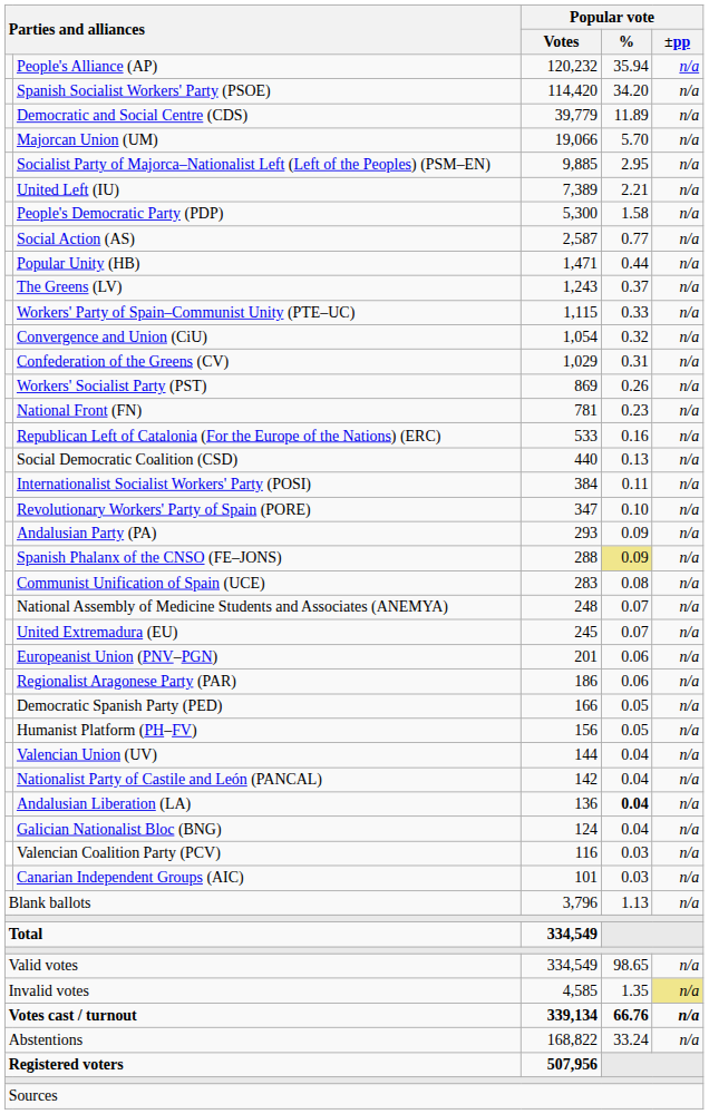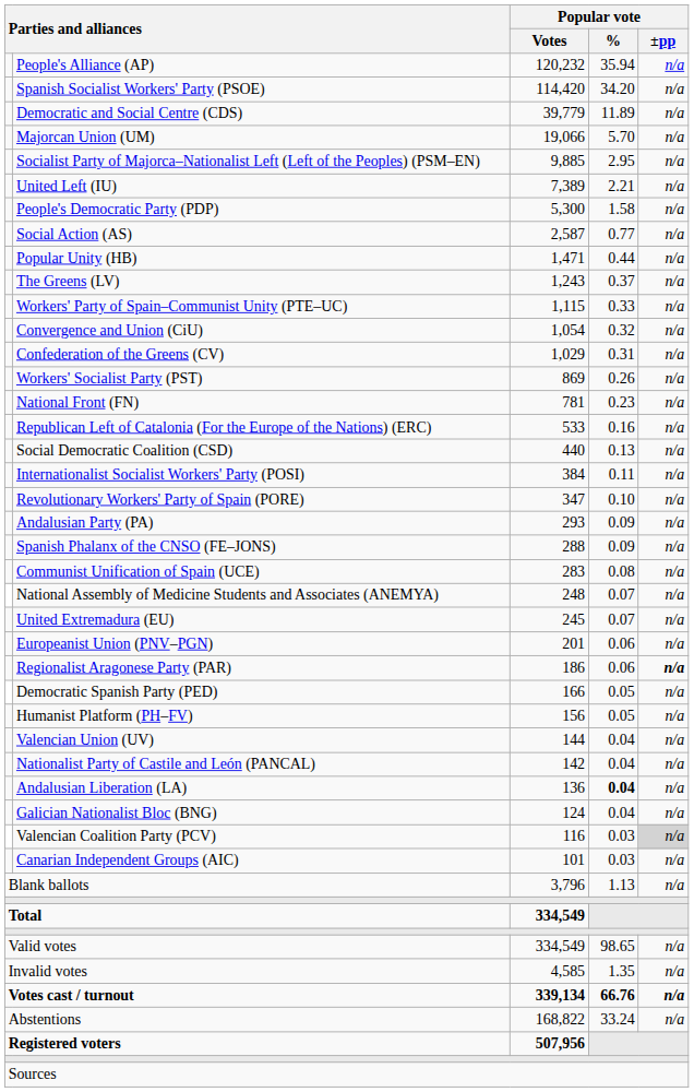 <table class="wikitable" style="text-align:right">
 <tr>
 <th style="text-align:left;" rowspan="2" colspan="2" width="525">Parties and alliances</th>
 <th colspan="3">Popular vote</th>
 </tr>
 <tr>
 <th width="75">Votes</th>
 <th width="45">%</th>
 <th width="45">±<a href='#'>pp</a></th>
 </tr>
 <tr>
 <td width="1" style="color:inherit;background:"></td>
 <td align="left"><a href='#'>People's Alliance</a> (AP)</td>
 <td>120,232</td>
 <td>35.94</td>
 <td><em><a href='#'>n/a</a></em></td>
 </tr>
 <tr>
 <td style="color:inherit;background:"></td>
 <td align="left"><a href='#'>Spanish Socialist Workers' Party</a> (PSOE)</td>
 <td>114,420</td>
 <td>34.20</td>
 <td><em>n/a</em></td>
 </tr>
 <tr>
 <td style="color:inherit;background:"></td>
 <td align="left"><a href='#'>Democratic and Social Centre</a> (CDS)</td>
 <td>39,779</td>
 <td>11.89</td>
 <td><em>n/a</em></td>
 </tr>
 <tr>
 <td style="color:inherit;background:"></td>
 <td align="left"><a href='#'>Majorcan Union</a> (UM)</td>
 <td>19,066</td>
 <td>5.70</td>
 <td><em>n/a</em></td>
 </tr>
 <tr>
 <td style="color:inherit;background:"></td>
 <td align="left"><a href='#'>Socialist Party of Majorca–Nationalist Left</a> (<a href='#'>Left of the Peoples</a>) (PSM–EN)</td>
 <td>9,885</td>
 <td>2.95</td>
 <td><em>n/a</em></td>
 </tr>
 <tr>
 <td style="color:inherit;background:"></td>
 <td align="left"><a href='#'>United Left</a> (IU)</td>
 <td>7,389</td>
 <td>2.21</td>
 <td><em>n/a</em></td>
 </tr>
 <tr>
 <td style="color:inherit;background:"></td>
 <td align="left"><a href='#'>People's Democratic Party</a> (PDP)</td>
 <td>5,300</td>
 <td>1.58</td>
 <td><em>n/a</em></td>
 </tr>
 <tr>
 <td style="color:inherit;background:"></td>
 <td align="left"><a href='#'>Social Action</a> (AS)</td>
 <td>2,587</td>
 <td>0.77</td>
 <td><em>n/a</em></td>
 </tr>
 <tr>
 <td style="color:inherit;background:"></td>
 <td align="left"><a href='#'>Popular Unity</a> (HB)</td>
 <td>1,471</td>
 <td>0.44</td>
 <td><em>n/a</em></td>
 </tr>
 <tr>
 <td style="color:inherit;background:"></td>
 <td align="left"><a href='#'>The Greens</a> (LV)</td>
 <td>1,243</td>
 <td>0.37</td>
 <td><em>n/a</em></td>
 </tr>
 <tr>
 <td style="color:inherit;background:"></td>
 <td align="left"><a href='#'>Workers' Party of Spain–Communist Unity</a> (PTE–UC)</td>
 <td>1,115</td>
 <td>0.33</td>
 <td><em>n/a</em></td>
 </tr>
 <tr>
 <td style="color:inherit;background:"></td>
 <td align="left"><a href='#'>Convergence and Union</a> (CiU)</td>
 <td>1,054</td>
 <td>0.32</td>
 <td><em>n/a</em></td>
 </tr>
 <tr>
 <td style="color:inherit;background:"></td>
 <td align="left"><a href='#'>Confederation of the Greens</a> (CV)</td>
 <td>1,029</td>
 <td>0.31</td>
 <td><em>n/a</em></td>
 </tr>
 <tr>
 <td style="color:inherit;background:"></td>
 <td align="left"><a href='#'>Workers' Socialist Party</a> (PST)</td>
 <td>869</td>
 <td>0.26</td>
 <td><em>n/a</em></td>
 </tr>
 <tr>
 <td style="color:inherit;background:"></td>
 <td align="left"><a href='#'>National Front</a> (FN)</td>
 <td>781</td>
 <td>0.23</td>
 <td><em>n/a</em></td>
 </tr>
 <tr>
 <td style="color:inherit;background:"></td>
 <td align="left"><a href='#'>Republican Left of Catalonia</a> (<a href='#'>For the Europe of the Nations</a>) (ERC)</td>
 <td>533</td>
 <td>0.16</td>
 <td><em>n/a</em></td>
 </tr>
 <tr>
 <td style="color:inherit;background:"></td>
 <td align="left">Social Democratic Coalition (CSD)</td>
 <td>440</td>
 <td>0.13</td>
 <td><em>n/a</em></td>
 </tr>
 <tr>
 <td style="color:inherit;background:"></td>
 <td align="left"><a href='#'>Internationalist Socialist Workers' Party</a> (POSI)</td>
 <td>384</td>
 <td>0.11</td>
 <td><em>n/a</em></td>
 </tr>
 <tr>
 <td style="color:inherit;background:"></td>
 <td align="left"><a href='#'>Revolutionary Workers' Party of Spain</a> (PORE)</td>
 <td>347</td>
 <td>0.10</td>
 <td><em>n/a</em></td>
 </tr>
 <tr>
 <td style="color:inherit;background:"></td>
 <td align="left"><a href='#'>Andalusian Party</a> (PA)</td>
 <td>293</td>
 <td>0.09</td>
 <td><em>n/a</em></td>
 </tr>
 <tr>
 <td style="color:inherit;background:"></td>
 <td align="left"><a href='#'>Spanish Phalanx of the CNSO</a> (FE–JONS)</td>
 <td>288</td>
-<td style="background: khaki;">0.09</td>
+<td>0.09</td>
 <td><em>n/a</em></td>
 </tr>
 <tr>
 <td style="color:inherit;background:"></td>
 <td align="left"><a href='#'>Communist Unification of Spain</a> (UCE)</td>
 <td>283</td>
 <td>0.08</td>
 <td><em>n/a</em></td>
 </tr>
 <tr>
 <td bgcolor="white"></td>
 <td align="left">National Assembly of Medicine Students and Associates (ANEMYA)</td>
 <td>248</td>
 <td>0.07</td>
 <td><em>n/a</em></td>
 </tr>
 <tr>
 <td style="color:inherit;background:"></td>
 <td align="left"><a href='#'>United Extremadura</a> (EU)</td>
 <td>245</td>
 <td>0.07</td>
 <td><em>n/a</em></td>
 </tr>
 <tr>
 <td style="color:inherit;background:"></td>
 <td align="left"><a href='#'>Europeanist Union</a> (<a href='#'>PNV</a>–<a href='#'>PGN</a>)</td>
 <td>201</td>
 <td>0.06</td>
 <td><em>n/a</em></td>
 </tr>
 <tr>
 <td style="color:inherit;background:"></td>
 <td align="left"><a href='#'>Regionalist Aragonese Party</a> (PAR)</td>
 <td>186</td>
 <td>0.06</td>
-<td><em>n/a</em></td>
+<td><strong><em>n/a</em></strong></td>
 </tr>
 <tr>
 <td bgcolor="white"></td>
 <td align="left">Democratic Spanish Party (PED)</td>
 <td>166</td>
 <td>0.05</td>
 <td><em>n/a</em></td>
 </tr>
 <tr>
 <td style="color:inherit;background:"></td>
 <td align="left">Humanist Platform (<a href='#'>PH</a>–<a href='#'>FV</a>)</td>
 <td>156</td>
 <td>0.05</td>
 <td><em>n/a</em></td>
 </tr>
 <tr>
 <td style="color:inherit;background:"></td>
 <td align="left"><a href='#'>Valencian Union</a> (UV)</td>
 <td>144</td>
 <td>0.04</td>
 <td><em>n/a</em></td>
 </tr>
 <tr>
 <td style="color:inherit;background:"></td>
 <td align="left"><a href='#'>Nationalist Party of Castile and León</a> (PANCAL)</td>
 <td>142</td>
 <td>0.04</td>
 <td><em>n/a</em></td>
 </tr>
 <tr>
 <td style="color:inherit;background:"></td>
 <td align="left"><a href='#'>Andalusian Liberation</a> (LA)</td>
 <td>136</td>
 <td><strong>0.04</strong></td>
 <td><em>n/a</em></td>
 </tr>
 <tr>
 <td style="color:inherit;background:"></td>
 <td align="left"><a href='#'>Galician Nationalist Bloc</a> (BNG)</td>
 <td>124</td>
 <td>0.04</td>
 <td><em>n/a</em></td>
 </tr>
 <tr>
 <td bgcolor="white"></td>
 <td align="left">Valencian Coalition Party (PCV)</td>
 <td>116</td>
 <td>0.03</td>
-<td><em>n/a</em></td>
+<td style="background: lightgrey;"><em>n/a</em></td>
 </tr>
 <tr>
 <td style="color:inherit;background:"></td>
 <td align="left"><a href='#'>Canarian Independent Groups</a> (AIC)</td>
 <td>101</td>
 <td>0.03</td>
 <td><em>n/a</em></td>
 </tr>
 <tr>
 <td align="left" colspan="2">Blank ballots</td>
 <td>3,796</td>
 <td>1.13</td>
 <td><em>n/a</em></td>
 </tr>
 <tr>
 <td colspan="5" bgcolor="#E9E9E9"></td>
 </tr>
 <tr style="font-weight:bold;">
 <td align="left" colspan="2">Total</td>
 <td>334,549</td>
 <td bgcolor="#E9E9E9" colspan="2"></td>
 </tr>
 <tr>
 <td colspan="5" bgcolor="#E9E9E9"></td>
 </tr>
 <tr>
 <td align="left" colspan="2">Valid votes</td>
 <td>334,549</td>
 <td>98.65</td>
 <td><em>n/a</em></td>
 </tr>
 <tr>
 <td align="left" colspan="2">Invalid votes</td>
 <td>4,585</td>
 <td>1.35</td>
-<td style="background: khaki;"><em>n/a</em></td>
+<td><em>n/a</em></td>
 </tr>
 <tr style="font-weight:bold;">
 <td align="left" colspan="2">Votes cast / turnout</td>
 <td>339,134</td>
 <td>66.76</td>
 <td><em>n/a</em></td>
 </tr>
 <tr>
 <td align="left" colspan="2">Abstentions</td>
 <td>168,822</td>
 <td>33.24</td>
 <td><em>n/a</em></td>
 </tr>
 <tr style="font-weight:bold;">
 <td align="left" colspan="2">Registered voters</td>
 <td>507,956</td>
 <td bgcolor="#E9E9E9" colspan="2"></td>
 </tr>
 <tr>
 <td colspan="5" bgcolor="#E9E9E9"></td>
 </tr>
 <tr>
 <td align="left" colspan="5">Sources</td>
 </tr>
 </table>
